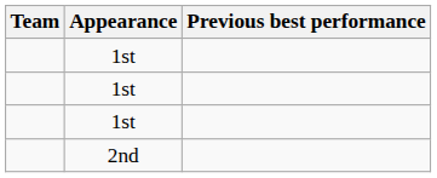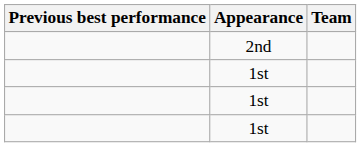 <table class="wikitable sortable">
 <tr>
+<th>Previous best performance</th>
+<th data-sort-type="number">Appearance</th>
 <th>Team</th>
-<th data-sort-type="number">Appearance</th>
-<th>Previous best performance</th>
+</tr>
+<tr>
+<td></td>
+<td style="text-align:center">2nd</td>
+<td></td>
 </tr>
 <tr>
 <td></td>
 <td style="text-align:center">1st</td>
 <td></td>
 </tr>
 <tr>
 <td></td>
 <td style="text-align:center">1st</td>
 <td></td>
 </tr>
 <tr>
 <td></td>
 <td style="text-align:center">1st</td>
 <td></td>
 </tr>
-<tr>
-<td></td>
-<td style="text-align:center">2nd</td>
-<td></td>
-</tr>
 </table>
